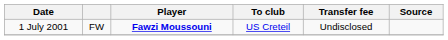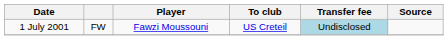 <table class="wikitable sortable" style="width:70%; text-align:center; font-size:85%; text-align:centre;">
 <tr>
 <th><strong>Date</strong></th>
 <th><strong></strong></th>
 <th><strong>Player</strong></th>
 <th><strong>To club</strong></th>
 <th><strong>Transfer fee</strong></th>
 <th><strong>Source</strong></th>
 </tr>
 <tr>
 <td>1 July 2001</td>
 <td>FW</td>
-<td><strong> <a href='#'>Fawzi Moussouni</a></strong></td>
+<td> <a href='#'>Fawzi Moussouni</a></td>
 <td> <a href='#'>US Creteil</a></td>
-<td>Undisclosed</td>
+<td style="background: lightblue;">Undisclosed</td>
 <td></td>
 </tr>
 <tr>
 </tr>
 </table>
